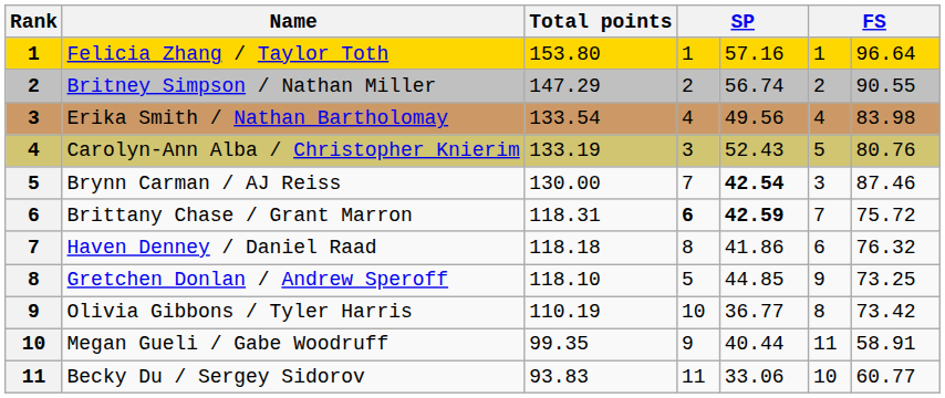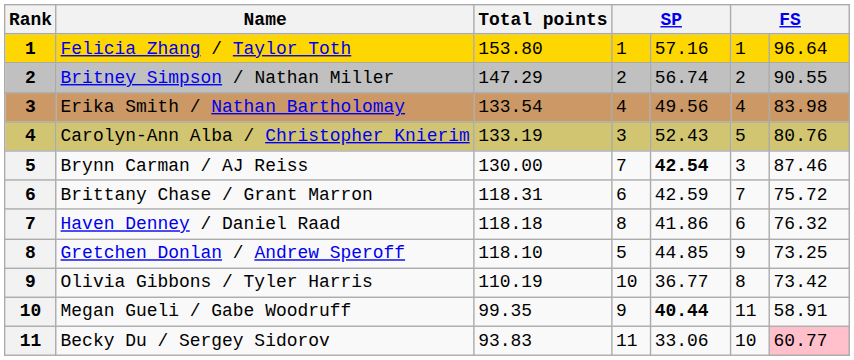 <table class="wikitable sortable">
 <tr>
 <th>Rank</th>
 <th>Name</th>
 <th>Total points</th>
 <th colspan="2" width="80px"><a href='#'>SP</a></th>
 <th colspan="2" width="80px"><a href='#'>FS</a></th>
 </tr>
 <tr bgcolor="gold">
 <td align="center"><strong>1</strong></td>
 <td><a href='#'>Felicia Zhang</a> / <a href='#'>Taylor Toth</a></td>
 <td>153.80</td>
 <td>1</td>
 <td>57.16</td>
 <td>1</td>
 <td>96.64</td>
 </tr>
 <tr bgcolor="silver">
 <td align="center"><strong>2</strong></td>
 <td><a href='#'>Britney Simpson</a> / Nathan Miller</td>
 <td>147.29</td>
 <td>2</td>
 <td>56.74</td>
 <td>2</td>
 <td>90.55</td>
 </tr>
 <tr bgcolor="cc9966">
 <td align="center"><strong>3</strong></td>
 <td>Erika Smith / <a href='#'>Nathan Bartholomay</a></td>
 <td>133.54</td>
 <td>4</td>
 <td>49.56</td>
 <td>4</td>
 <td>83.98</td>
 </tr>
 <tr bgcolor="#d1c571">
 <td align="center"><strong>4</strong></td>
 <td>Carolyn-Ann Alba / <a href='#'>Christopher Knierim</a></td>
 <td>133.19</td>
 <td>3</td>
 <td>52.43</td>
 <td>5</td>
 <td>80.76</td>
 </tr>
 <tr>
 <th>5</th>
 <td>Brynn Carman / AJ Reiss</td>
 <td>130.00</td>
 <td>7</td>
 <td><strong>42.54</strong></td>
 <td>3</td>
 <td>87.46</td>
 </tr>
 <tr>
 <th>6</th>
 <td>Brittany Chase / Grant Marron</td>
 <td>118.31</td>
-<td><strong>6</strong></td>
-<td><strong>42.59</strong></td>
+<td>6</td>
+<td>42.59</td>
 <td>7</td>
 <td>75.72</td>
 </tr>
 <tr>
 <th>7</th>
 <td><a href='#'>Haven Denney</a> / Daniel Raad</td>
 <td>118.18</td>
 <td>8</td>
 <td>41.86</td>
 <td>6</td>
 <td>76.32</td>
 </tr>
 <tr>
 <th>8</th>
 <td><a href='#'>Gretchen Donlan</a> / <a href='#'>Andrew Speroff</a></td>
 <td>118.10</td>
 <td>5</td>
 <td>44.85</td>
 <td>9</td>
 <td>73.25</td>
 </tr>
 <tr>
 <th>9</th>
 <td>Olivia Gibbons / Tyler Harris</td>
 <td>110.19</td>
 <td>10</td>
 <td>36.77</td>
 <td>8</td>
 <td>73.42</td>
 </tr>
 <tr>
 <th>10</th>
 <td>Megan Gueli / Gabe Woodruff</td>
 <td>99.35</td>
 <td>9</td>
-<td>40.44</td>
+<td><strong>40.44</strong></td>
 <td>11</td>
 <td>58.91</td>
 </tr>
 <tr>
 <th>11</th>
 <td>Becky Du / Sergey Sidorov</td>
 <td>93.83</td>
 <td>11</td>
 <td>33.06</td>
 <td>10</td>
-<td>60.77</td>
+<td style="background: pink;">60.77</td>
 </tr>
 </table>
